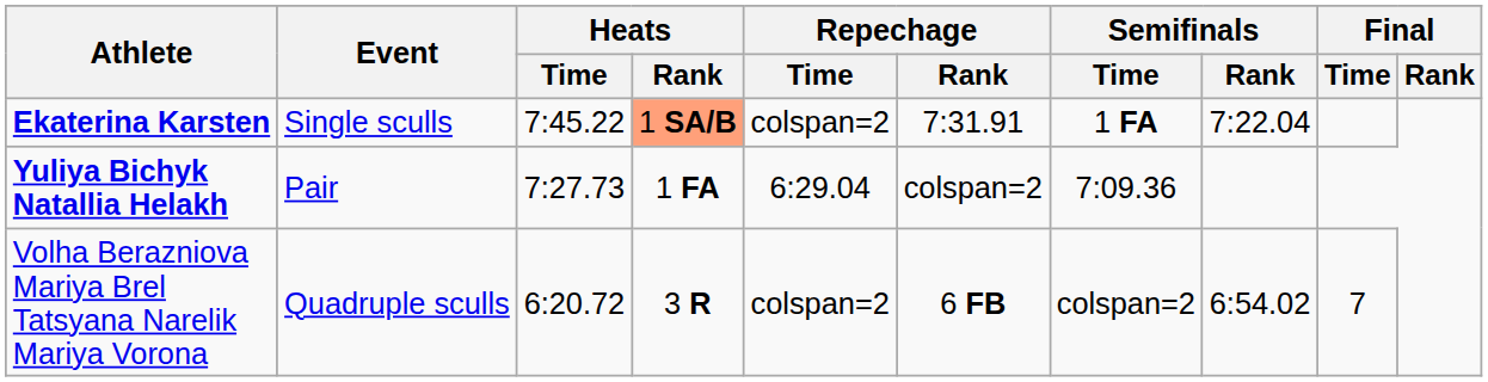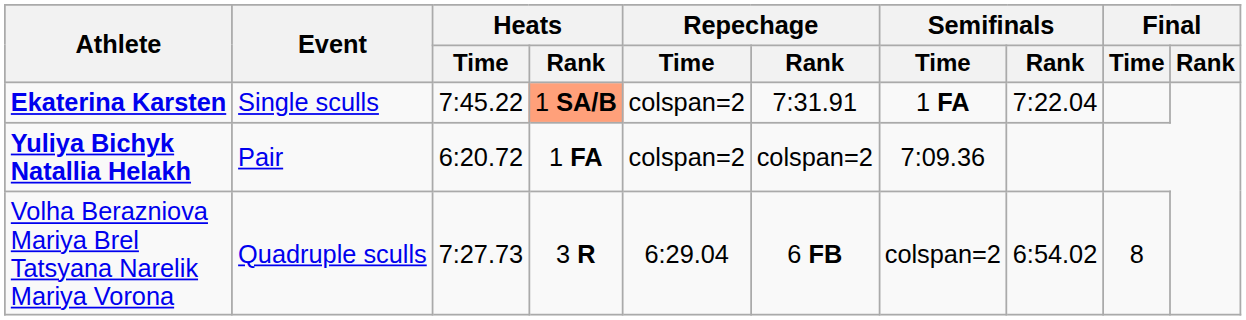 <table class="wikitable" style="font-size:90%;">
 <tr>
 <th rowspan="2">Athlete</th>
 <th rowspan="2">Event</th>
 <th colspan="2">Heats</th>
 <th colspan="2">Repechage</th>
 <th colspan="2">Semifinals</th>
 <th colspan="2">Final</th>
 </tr>
 <tr style="font-size:95%">
 <th>Time</th>
 <th>Rank</th>
 <th>Time</th>
 <th>Rank</th>
 <th>Time</th>
 <th>Rank</th>
 <th>Time</th>
 <th>Rank</th>
 </tr>
 <tr align=center>
 <td align=left><strong><a href='#'>Ekaterina Karsten</a></strong></td>
 <td align=left><a href='#'>Single sculls</a></td>
 <td>7:45.22</td>
 <td style="background: lightsalmon;">1 <strong>SA/B</strong></td>
 <td>colspan=2 </td>
 <td>7:31.91</td>
 <td>1 <strong>FA</strong></td>
 <td>7:22.04</td>
 <td></td>
 </tr>
 <tr align=center>
 <td align=left><strong><a href='#'>Yuliya Bichyk</a><br><a href='#'>Natallia Helakh</a></strong></td>
 <td align=left><a href='#'>Pair</a></td>
-<td>7:27.73</td>
+<td>6:20.72</td>
 <td>1 <strong>FA</strong></td>
-<td>6:29.04</td>
+<td>colspan=2 </td>
 <td>colspan=2 </td>
 <td>7:09.36</td>
 <td></td>
 </tr>
 <tr align=center>
 <td align=left><a href='#'>Volha Berazniova</a><br><a href='#'>Mariya Brel</a><br><a href='#'>Tatsyana Narelik</a><br><a href='#'>Mariya Vorona</a></td>
 <td align=left><a href='#'>Quadruple sculls</a></td>
-<td>6:20.72</td>
+<td>7:27.73</td>
 <td>3 <strong>R</strong></td>
-<td>colspan=2 </td>
+<td>6:29.04</td>
 <td>6 <strong>FB</strong></td>
 <td>colspan=2 </td>
 <td>6:54.02</td>
-<td>7</td>
+<td>8</td>
 </tr>
 </table>
